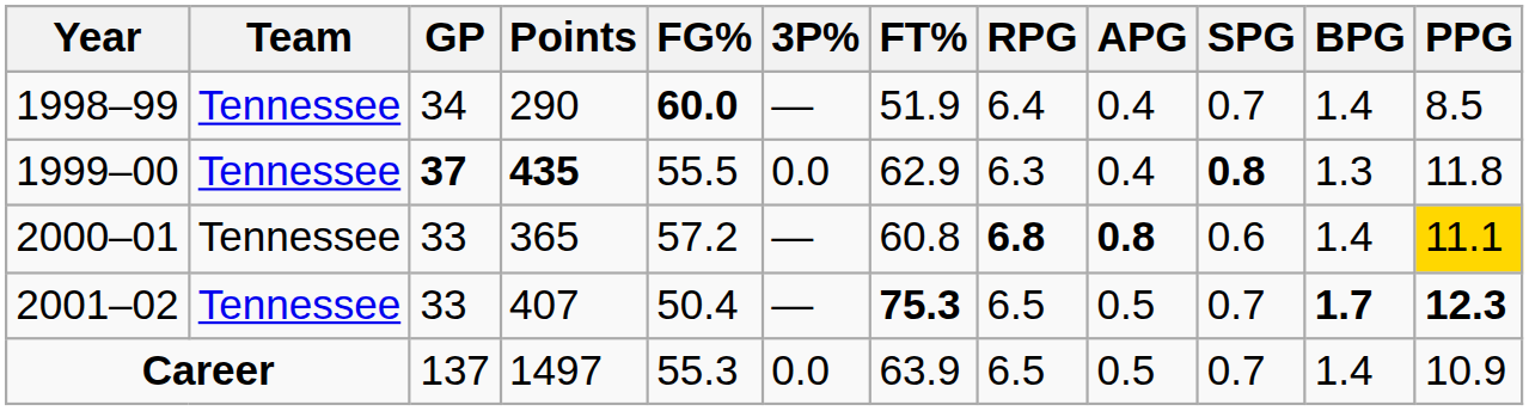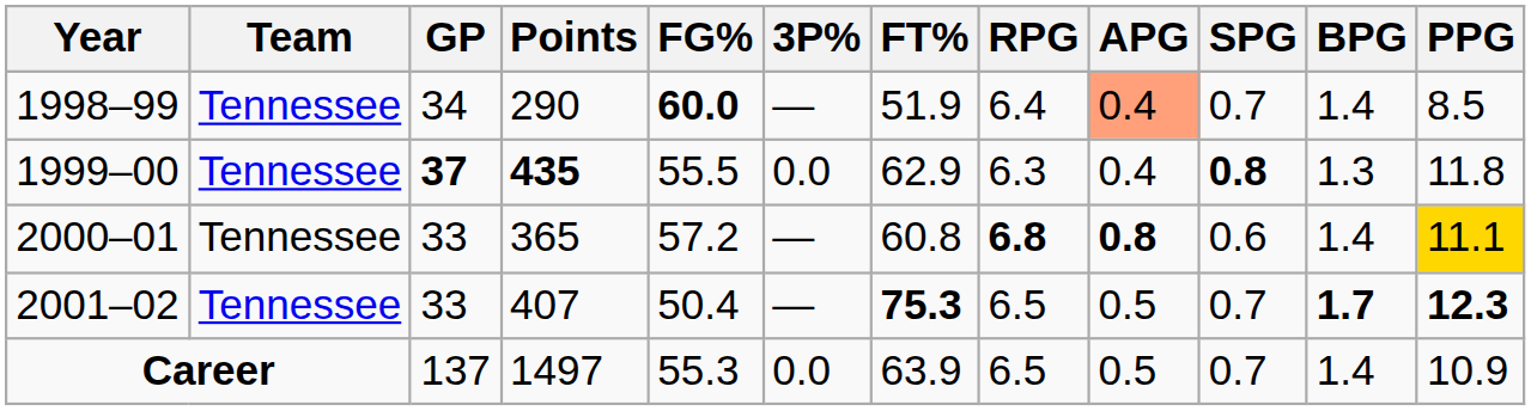 <table class="wikitable sortable">
 <tr>
 <th>Year</th>
 <th>Team</th>
 <th>GP</th>
 <th>Points</th>
 <th>FG%</th>
 <th>3P%</th>
 <th>FT%</th>
 <th>RPG</th>
 <th>APG</th>
 <th>SPG</th>
 <th>BPG</th>
 <th>PPG</th>
 </tr>
 <tr>
 <td>1998–99</td>
 <td><a href='#'>Tennessee</a></td>
 <td>34</td>
 <td>290</td>
 <td><strong>60.0</strong></td>
 <td>—</td>
 <td>51.9</td>
 <td>6.4</td>
-<td>0.4</td>
+<td style="background: lightsalmon;">0.4</td>
 <td>0.7</td>
 <td>1.4</td>
 <td>8.5</td>
 </tr>
 <tr>
 <td>1999–00</td>
 <td><a href='#'>Tennessee</a></td>
 <td><strong>37</strong></td>
 <td><strong>435</strong></td>
 <td>55.5</td>
 <td>0.0</td>
 <td>62.9</td>
 <td>6.3</td>
 <td>0.4</td>
 <td><strong>0.8</strong></td>
 <td>1.3</td>
 <td>11.8</td>
 </tr>
 <tr>
 <td>2000–01</td>
 <td>Tennessee</td>
 <td>33</td>
 <td>365</td>
 <td>57.2</td>
 <td>—</td>
 <td>60.8</td>
 <td><strong>6.8</strong></td>
 <td><strong>0.8</strong></td>
 <td>0.6</td>
 <td>1.4</td>
 <td style="background: gold;">11.1</td>
 </tr>
 <tr>
 <td>2001–02</td>
 <td><a href='#'>Tennessee</a></td>
 <td>33</td>
 <td>407</td>
 <td>50.4</td>
 <td>—</td>
 <td><strong>75.3</strong></td>
 <td>6.5</td>
 <td>0.5</td>
 <td>0.7</td>
 <td><strong>1.7</strong></td>
 <td><strong>12.3</strong></td>
 </tr>
 <tr class="sortbottom">
 <td colspan=2 align=center><strong>Career</strong></td>
 <td>137</td>
 <td>1497</td>
 <td>55.3</td>
 <td>0.0</td>
 <td>63.9</td>
 <td>6.5</td>
 <td>0.5</td>
 <td>0.7</td>
 <td>1.4</td>
 <td>10.9</td>
 </tr>
 </table>
